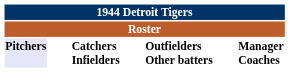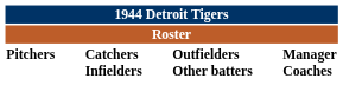 <table class="toccolours" style="font-size: 95%;">
 <tr>
 <th colspan="10" style="background-color: #003366; color: white; text-align: center;">1944 Detroit Tigers</th>
 </tr>
 <tr>
 <td colspan="10" style="background-color: #bd5d29; color: white; text-align: center;"><strong>Roster</strong></td>
 </tr>
 <tr>
-<td valign="top" style="background: lavender;"><strong>Pitchers</strong><br>           </td>
+<td valign="top"><strong>Pitchers</strong><br>           </td>
 <td width="25px"></td>
 <td valign="top"><strong>Catchers</strong><br>   <strong>Infielders</strong>          </td>
 <td width="25px"></td>
 <td valign="top"><strong>Outfielders</strong><br>      <strong>Other batters</strong> </td>
 <td width="25px"></td>
 <td valign="top"><strong>Manager</strong><br> <strong>Coaches</strong>  </td>
 </tr>
 </table>
